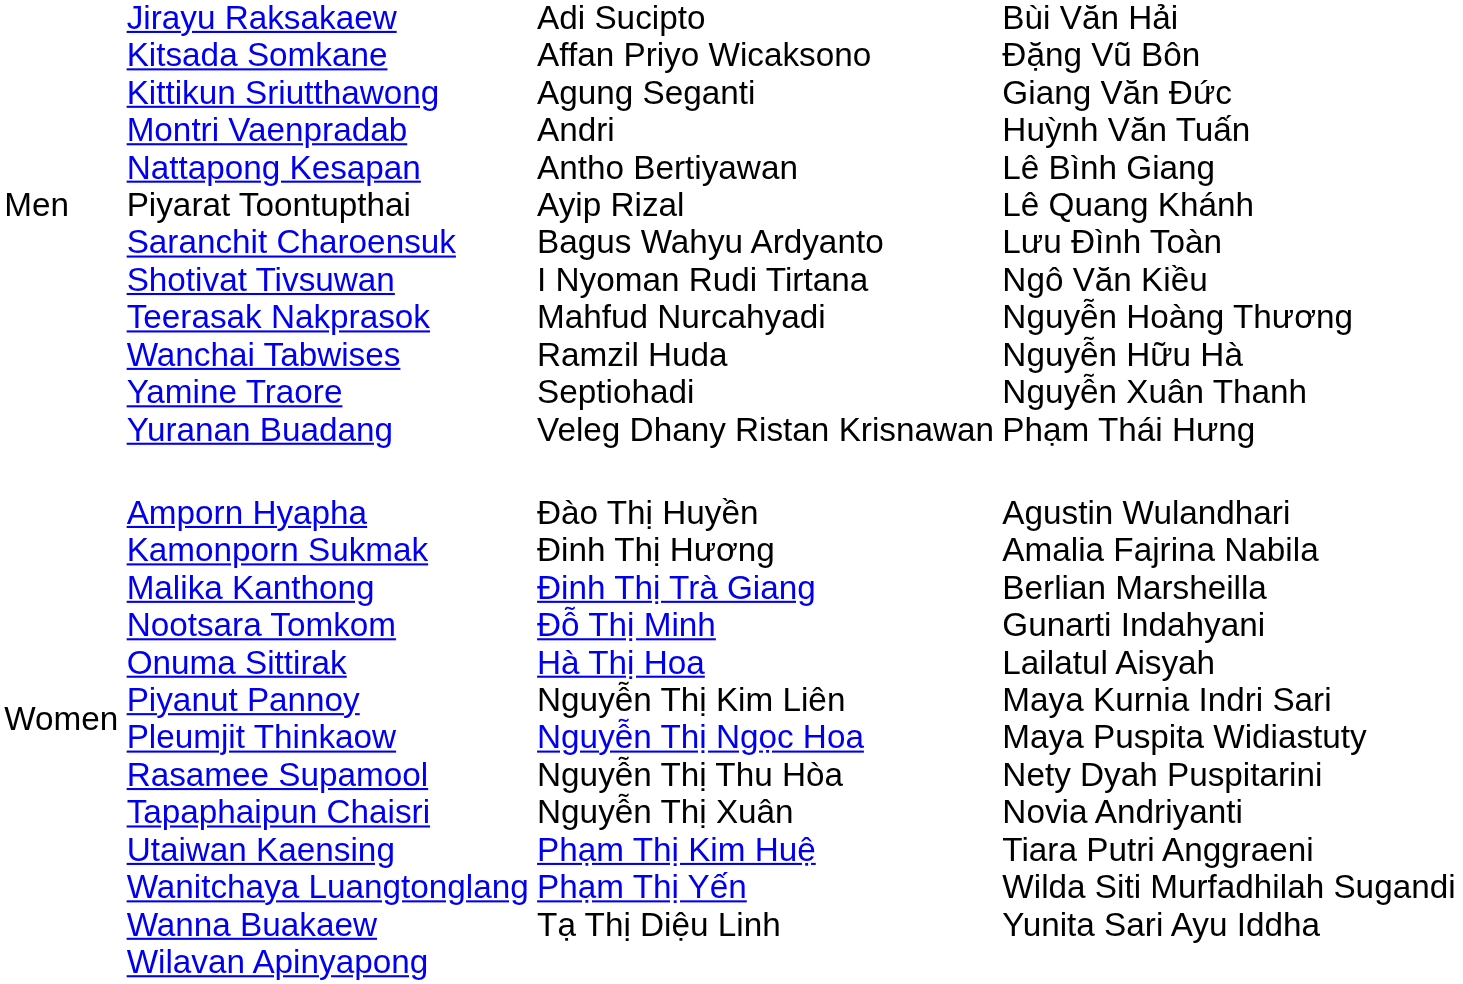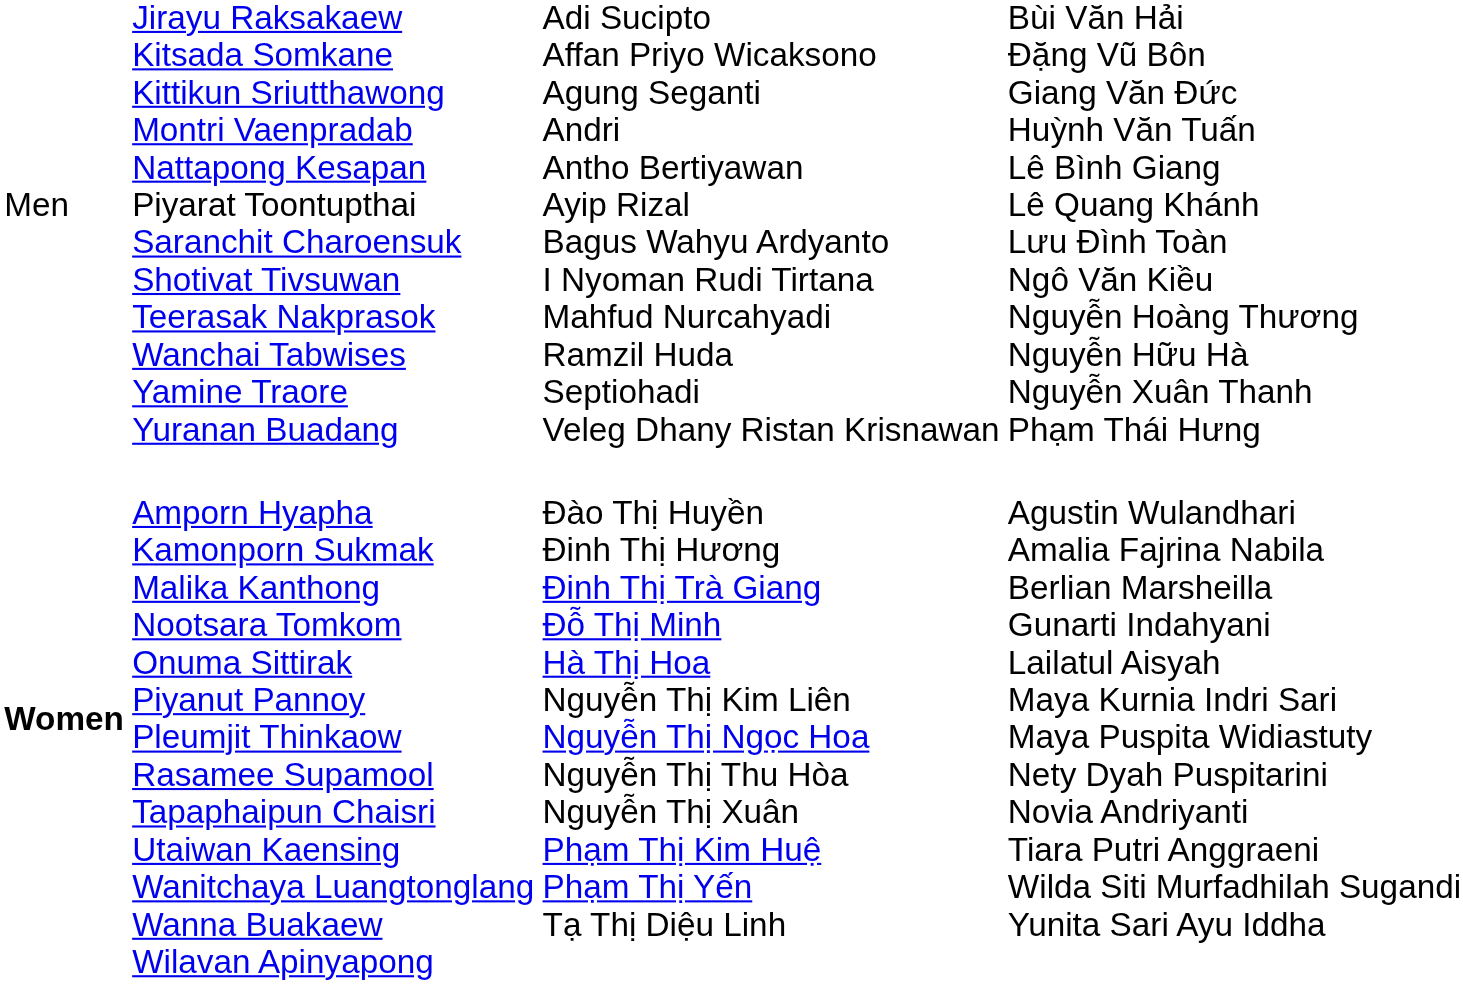 <table>
 <tr>
 <td>Men</td>
 <td nowrap><br><a href='#'>Jirayu Raksakaew</a><br><a href='#'>Kitsada Somkane</a><br><a href='#'>Kittikun Sriutthawong</a><br><a href='#'>Montri Vaenpradab</a><br><a href='#'>Nattapong Kesapan</a><br>Piyarat Toontupthai<br><a href='#'>Saranchit Charoensuk</a><br><a href='#'>Shotivat Tivsuwan</a><br><a href='#'>Teerasak Nakprasok</a><br><a href='#'>Wanchai Tabwises</a><br><a href='#'>Yamine Traore</a><br><a href='#'>Yuranan Buadang</a></td>
 <td nowrap><br>Adi Sucipto<br>Affan Priyo Wicaksono<br>Agung Seganti<br>Andri<br>Antho Bertiyawan<br>Ayip Rizal<br>Bagus Wahyu Ardyanto<br>I Nyoman Rudi Tirtana<br>Mahfud Nurcahyadi<br>Ramzil Huda<br>Septiohadi<br>Veleg Dhany Ristan Krisnawan</td>
 <td valign="top" nowrap><br>Bùi Văn Hải<br>Đặng Vũ Bôn<br>Giang Văn Đức<br>Huỳnh Văn Tuấn<br>Lê Bình Giang<br>Lê Quang Khánh<br>Lưu Đình Toàn<br>Ngô Văn Kiều<br>Nguyễn Hoàng Thương<br>Nguyễn Hữu Hà<br>Nguyễn Xuân Thanh<br>Phạm Thái Hưng</td>
 </tr>
 <tr>
-<td>Women</td>
+<td><strong>Women</strong></td>
 <td nowrap><br><a href='#'>Amporn Hyapha</a><br><a href='#'>Kamonporn Sukmak</a><br><a href='#'>Malika Kanthong</a><br><a href='#'>Nootsara Tomkom</a><br><a href='#'>Onuma Sittirak</a><br><a href='#'>Piyanut Pannoy</a><br><a href='#'>Pleumjit Thinkaow</a><br><a href='#'>Rasamee Supamool</a><br><a href='#'>Tapaphaipun Chaisri</a><br><a href='#'>Utaiwan Kaensing</a><br><a href='#'>Wanitchaya Luangtonglang</a><br><a href='#'>Wanna Buakaew</a><br><a href='#'>Wilavan Apinyapong</a></td>
 <td valign="top" nowrap><br>Đào Thị Huyền<br>Đinh Thị Hương<br><a href='#'>Đinh Thị Trà Giang</a><br><a href='#'>Đỗ Thị Minh</a><br><a href='#'>Hà Thị Hoa</a><br>Nguyễn Thị Kim Liên<br><a href='#'>Nguyễn Thị Ngọc Hoa</a><br>Nguyễn Thị Thu Hòa<br>Nguyễn Thị Xuân<br><a href='#'>Phạm Thị Kim Huệ</a><br><a href='#'>Phạm Thị Yến</a><br>Tạ Thị Diệu Linh</td>
 <td valign="top" nowrap><br>Agustin Wulandhari<br>Amalia Fajrina Nabila<br>Berlian Marsheilla<br>Gunarti Indahyani<br>Lailatul Aisyah<br>Maya Kurnia Indri Sari<br>Maya Puspita Widiastuty<br>Nety Dyah Puspitarini<br>Novia Andriyanti<br>Tiara Putri Anggraeni<br>Wilda Siti Murfadhilah Sugandi<br>Yunita Sari Ayu Iddha</td>
 </tr>
 </table>
